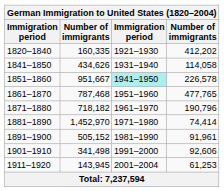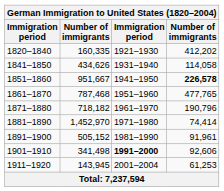 <table class="wikitable" style="float:right; margin-left:1em; font-size:88%;">
 <tr>
 <th colspan="4">German Immigration to United States (1820–2004)</th>
 </tr>
 <tr>
 <th>Immigration<br>period</th>
 <th>Number of<br>immigrants</th>
 <th>Immigration<br>period</th>
 <th>Number of<br>immigrants</th>
 </tr>
 <tr>
 <td>1820–1840</td>
 <td style="text-align:right;">160,335</td>
 <td>1921–1930</td>
 <td style="text-align:right;">412,202</td>
 </tr>
 <tr>
 <td>1841–1850</td>
 <td style="text-align:right;">434,626</td>
 <td>1931–1940</td>
 <td style="text-align:right;">114,058</td>
 </tr>
 <tr>
 <td>1851–1860</td>
 <td style="text-align:right;">951,667</td>
-<td style="background: paleturquoise;">1941–1950</td>
-<td style="text-align:right;">226,578</td>
+<td>1941–1950</td>
+<td style="text-align:right;"><strong>226,578</strong></td>
 </tr>
 <tr>
 <td>1861–1870</td>
 <td style="text-align:right;">787,468</td>
 <td>1951–1960</td>
 <td style="text-align:right;">477,765</td>
 </tr>
 <tr>
 <td>1871–1880</td>
 <td style="text-align:right;">718,182</td>
 <td>1961–1970</td>
 <td style="text-align:right;">190,796</td>
 </tr>
 <tr>
 <td>1881–1890</td>
 <td style="text-align:right;">1,452,970</td>
 <td>1971–1980</td>
 <td style="text-align:right;">74,414</td>
 </tr>
 <tr>
 <td>1891–1900</td>
 <td style="text-align:right;">505,152</td>
 <td>1981–1990</td>
 <td style="text-align:right;">91,961</td>
 </tr>
 <tr>
 <td>1901–1910</td>
 <td style="text-align:right;">341,498</td>
-<td>1991–2000</td>
+<td><strong>1991–2000</strong></td>
 <td style="text-align:right;">92,606</td>
 </tr>
 <tr>
 <td>1911–1920</td>
 <td style="text-align:right;">143,945</td>
 <td>2001–2004</td>
 <td style="text-align:right;">61,253</td>
 </tr>
 <tr>
 <th colspan="4">Total: 7,237,594</th>
 </tr>
 </table>
